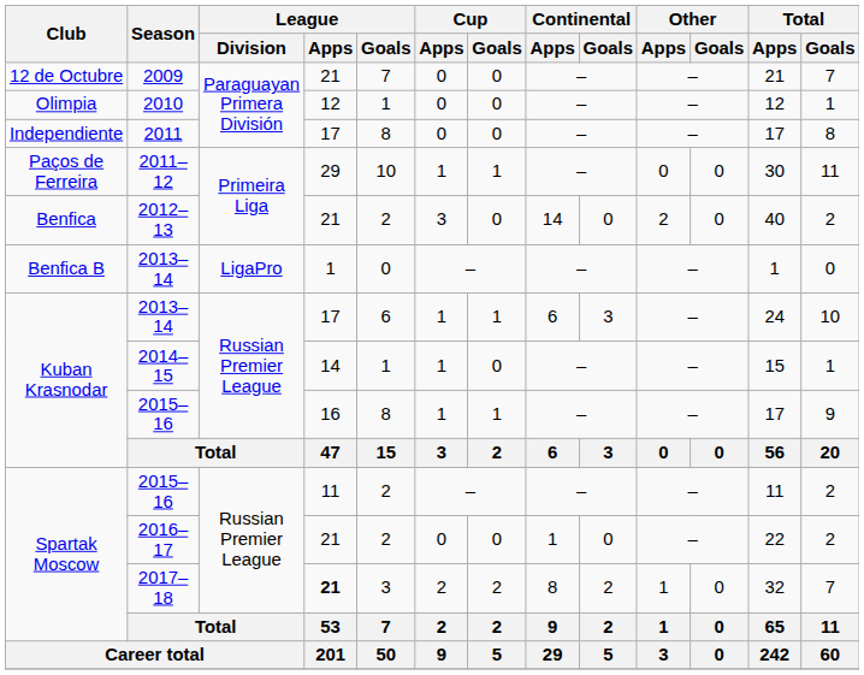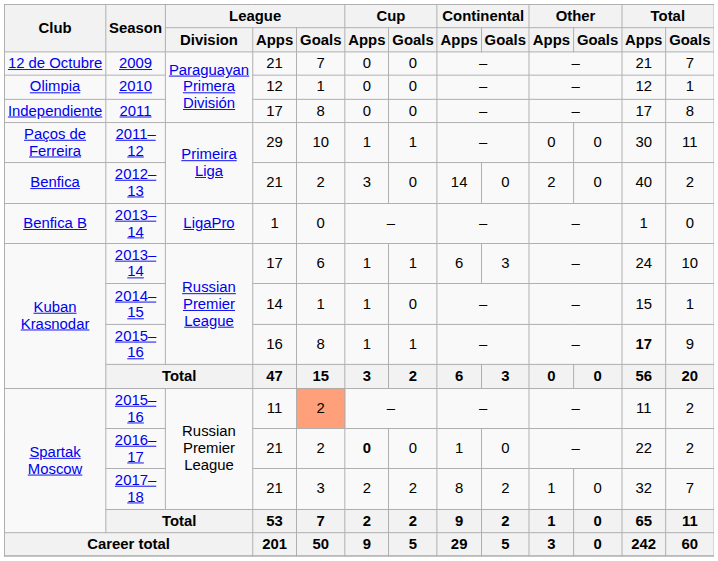 <table class="wikitable" style="text-align: center;">
 <tr>
 <th rowspan=2>Club</th>
 <th rowspan=2>Season</th>
 <th colspan=3>League</th>
 <th colspan=2>Cup</th>
 <th colspan=2>Continental</th>
 <th colspan=2>Other</th>
 <th colspan=2>Total</th>
 </tr>
 <tr>
 <th>Division</th>
 <th>Apps</th>
 <th>Goals</th>
 <th>Apps</th>
 <th>Goals</th>
 <th>Apps</th>
 <th>Goals</th>
 <th>Apps</th>
 <th>Goals</th>
 <th>Apps</th>
 <th>Goals</th>
 </tr>
 <tr>
 <td><a href='#'>12 de Octubre</a></td>
 <td><a href='#'>2009</a></td>
 <td rowspan=3><a href='#'>Paraguayan Primera División</a></td>
 <td>21</td>
 <td>7</td>
 <td>0</td>
 <td>0</td>
 <td colspan=2>–</td>
 <td colspan=2>–</td>
 <td>21</td>
 <td>7</td>
 </tr>
 <tr>
 <td><a href='#'>Olimpia</a></td>
 <td><a href='#'>2010</a></td>
 <td>12</td>
 <td>1</td>
 <td>0</td>
 <td>0</td>
 <td colspan=2>–</td>
 <td colspan=2>–</td>
 <td>12</td>
 <td>1</td>
 </tr>
 <tr>
 <td><a href='#'>Independiente</a></td>
 <td><a href='#'>2011</a></td>
 <td>17</td>
 <td>8</td>
 <td>0</td>
 <td>0</td>
 <td colspan=2>–</td>
 <td colspan=2>–</td>
 <td>17</td>
 <td>8</td>
 </tr>
 <tr>
 <td><a href='#'>Paços de Ferreira</a></td>
 <td><a href='#'>2011–12</a></td>
 <td rowspan=2><a href='#'>Primeira Liga</a></td>
 <td>29</td>
 <td>10</td>
 <td>1</td>
 <td>1</td>
 <td colspan=2>–</td>
 <td>0</td>
 <td>0</td>
 <td>30</td>
 <td>11</td>
 </tr>
 <tr>
 <td><a href='#'>Benfica</a></td>
 <td><a href='#'>2012–13</a></td>
 <td>21</td>
 <td>2</td>
 <td>3</td>
 <td>0</td>
 <td>14</td>
 <td>0</td>
 <td>2</td>
 <td>0</td>
 <td>40</td>
 <td>2</td>
 </tr>
 <tr>
 <td><a href='#'>Benfica B</a></td>
 <td><a href='#'>2013–14</a></td>
 <td><a href='#'>LigaPro</a></td>
 <td>1</td>
 <td>0</td>
 <td colspan=2>–</td>
 <td colspan=2>–</td>
 <td colspan=2>–</td>
 <td>1</td>
 <td>0</td>
 </tr>
 <tr>
 <td rowspan=4><a href='#'>Kuban Krasnodar</a></td>
 <td><a href='#'>2013–14</a></td>
 <td rowspan=3><a href='#'>Russian Premier League</a></td>
 <td>17</td>
 <td>6</td>
 <td>1</td>
 <td>1</td>
 <td>6</td>
 <td>3</td>
 <td colspan=2>–</td>
 <td>24</td>
 <td>10</td>
 </tr>
 <tr>
 <td><a href='#'>2014–15</a></td>
 <td>14</td>
 <td>1</td>
 <td>1</td>
 <td>0</td>
 <td colspan=2>–</td>
 <td colspan=2>–</td>
 <td>15</td>
 <td>1</td>
 </tr>
 <tr>
 <td><a href='#'>2015–16</a></td>
 <td>16</td>
 <td>8</td>
 <td>1</td>
 <td>1</td>
 <td colspan=2>–</td>
 <td colspan=2>–</td>
-<td>17</td>
+<td><strong>17</strong></td>
 <td>9</td>
 </tr>
 <tr>
 <th colspan=2>Total</th>
 <th>47</th>
 <th>15</th>
 <th>3</th>
 <th>2</th>
 <th>6</th>
 <th>3</th>
 <th>0</th>
 <th>0</th>
 <th>56</th>
 <th>20</th>
 </tr>
 <tr>
 <td rowspan=4><a href='#'>Spartak Moscow</a></td>
 <td><a href='#'>2015–16</a></td>
 <td rowspan=3>Russian Premier League</td>
 <td>11</td>
-<td>2</td>
+<td style="background: lightsalmon;">2</td>
 <td colspan=2>–</td>
 <td colspan=2>–</td>
 <td colspan=2>–</td>
 <td>11</td>
 <td>2</td>
 </tr>
 <tr>
 <td><a href='#'>2016–17</a></td>
 <td>21</td>
 <td>2</td>
-<td>0</td>
+<td><strong>0</strong></td>
 <td>0</td>
 <td>1</td>
 <td>0</td>
 <td colspan=2>–</td>
 <td>22</td>
 <td>2</td>
 </tr>
 <tr>
 <td><a href='#'>2017–18</a></td>
-<td><strong>21</strong></td>
+<td>21</td>
 <td>3</td>
 <td>2</td>
 <td>2</td>
 <td>8</td>
 <td>2</td>
 <td>1</td>
 <td>0</td>
 <td>32</td>
 <td>7</td>
 </tr>
 <tr>
 <th colspan=2>Total</th>
 <th>53</th>
 <th>7</th>
 <th>2</th>
 <th>2</th>
 <th>9</th>
 <th>2</th>
 <th>1</th>
 <th>0</th>
 <th>65</th>
 <th>11</th>
 </tr>
 <tr>
 <th colspan=3>Career total</th>
 <th>201</th>
 <th>50</th>
 <th>9</th>
 <th>5</th>
 <th>29</th>
 <th>5</th>
 <th>3</th>
 <th>0</th>
 <th>242</th>
 <th>60</th>
 </tr>
 <tr>
 </tr>
 </table>
